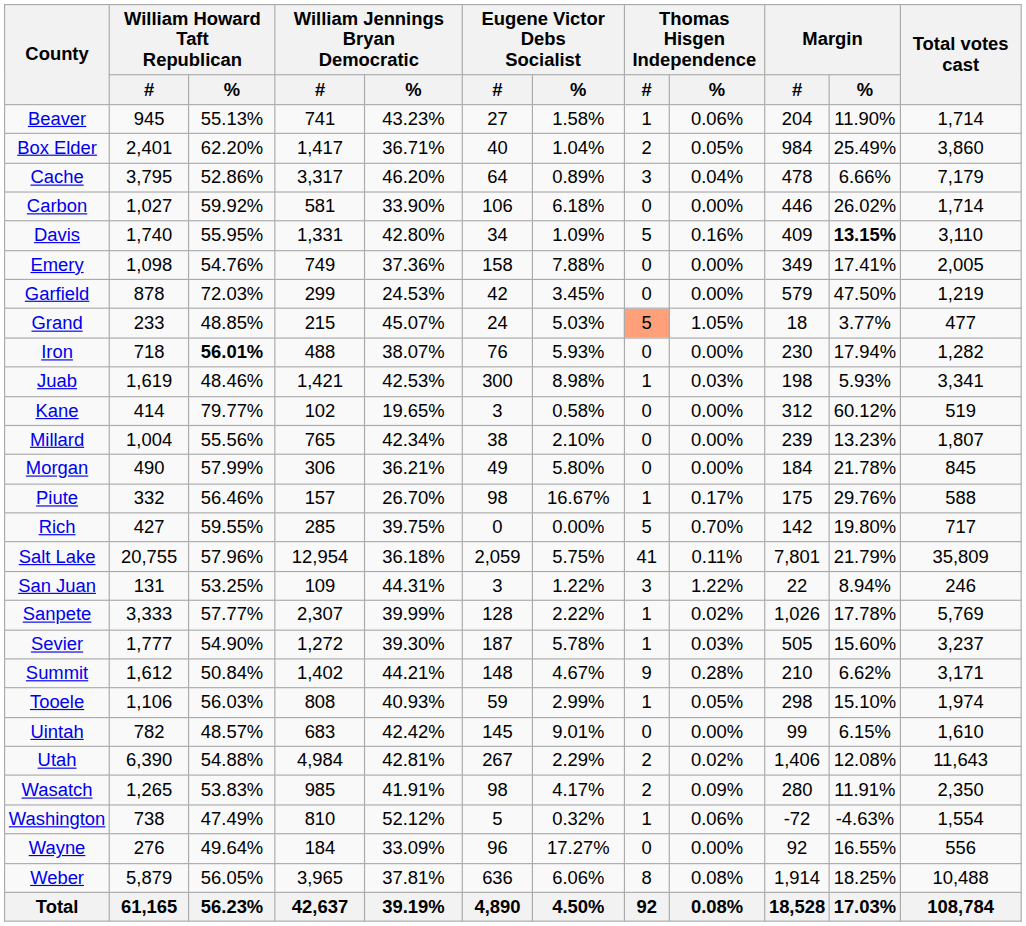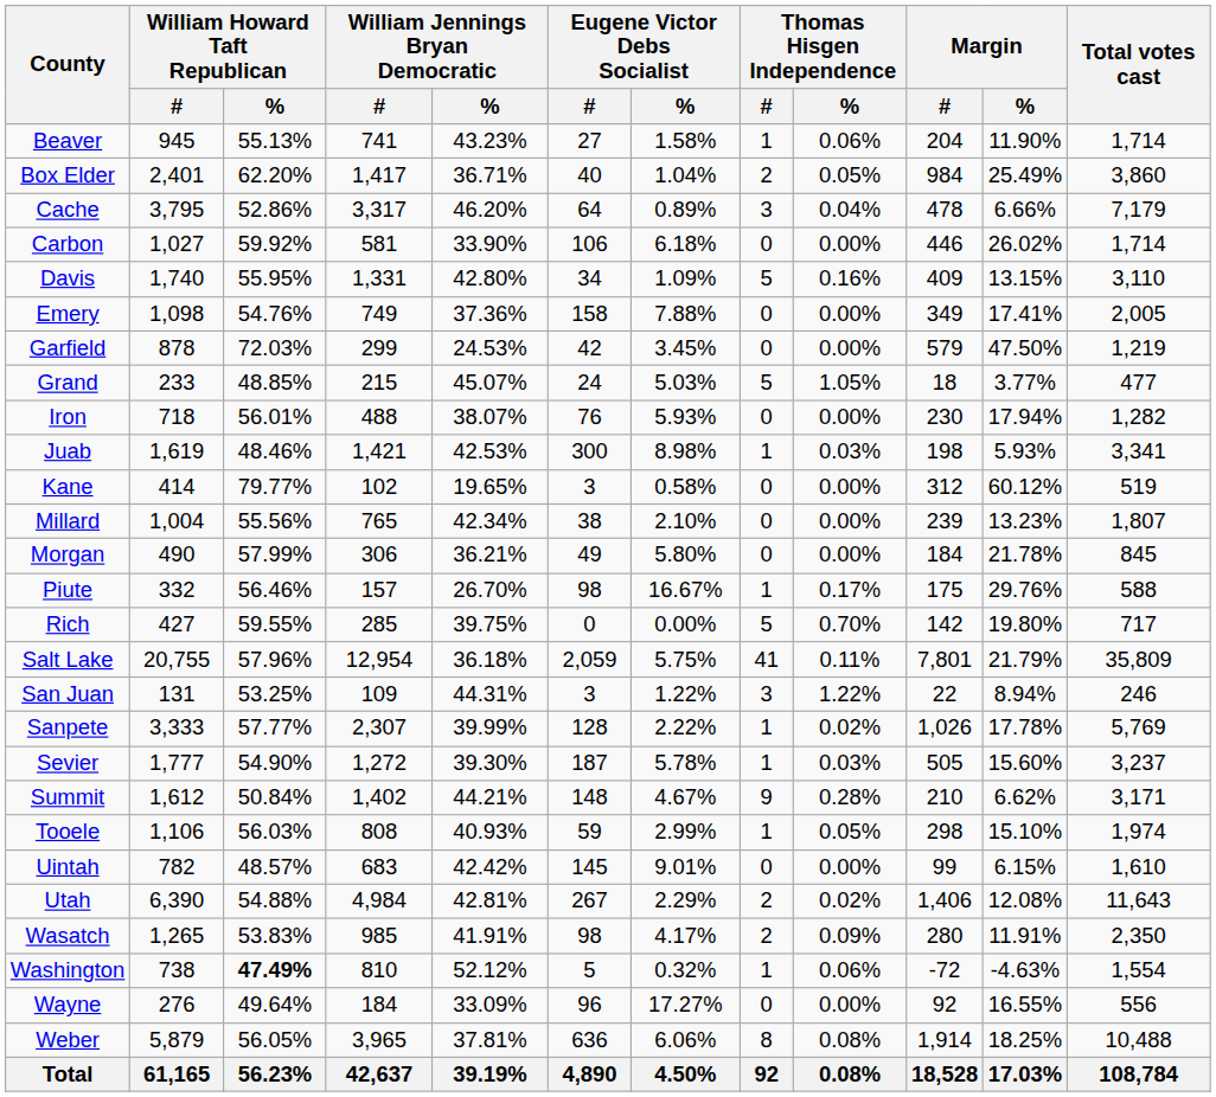 <table width="70%"  class="wikitable sortable" style="text-align:center">
 <tr>
 <th style="text-align:center;" rowspan="2">County</th>
 <th style="text-align:center;" colspan="2">William Howard Taft<br>Republican</th>
 <th style="text-align:center;" colspan="2">William Jennings Bryan<br>Democratic</th>
 <th style="text-align:center;" colspan="2">Eugene Victor Debs<br>Socialist</th>
 <th style="text-align:center;" colspan="2">Thomas Hisgen<br>Independence</th>
 <th style="text-align:center;" colspan="2">Margin</th>
 <th style="text-align:center;" rowspan="2">Total votes cast</th>
 </tr>
 <tr>
 <th style="text-align:center;" data-sort-type="number">#</th>
 <th style="text-align:center;" data-sort-type="number">%</th>
 <th style="text-align:center;" data-sort-type="number">#</th>
 <th style="text-align:center;" data-sort-type="number">%</th>
 <th style="text-align:center;" data-sort-type="number">#</th>
 <th style="text-align:center;" data-sort-type="number">%</th>
 <th style="text-align:center;" data-sort-type="number">#</th>
 <th style="text-align:center;" data-sort-type="number">%</th>
 <th style="text-align:center;" data-sort-type="number">#</th>
 <th style="text-align:center;" data-sort-type="number">%</th>
 </tr>
 <tr style="text-align:center;">
 <td><a href='#'>Beaver</a></td>
 <td>945</td>
 <td>55.13%</td>
 <td>741</td>
 <td>43.23%</td>
 <td>27</td>
 <td>1.58%</td>
 <td>1</td>
 <td>0.06%</td>
 <td>204</td>
 <td>11.90%</td>
 <td>1,714</td>
 </tr>
 <tr style="text-align:center;">
 <td><a href='#'>Box Elder</a></td>
 <td>2,401</td>
 <td>62.20%</td>
 <td>1,417</td>
 <td>36.71%</td>
 <td>40</td>
 <td>1.04%</td>
 <td>2</td>
 <td>0.05%</td>
 <td>984</td>
 <td>25.49%</td>
 <td>3,860</td>
 </tr>
 <tr style="text-align:center;">
 <td><a href='#'>Cache</a></td>
 <td>3,795</td>
 <td>52.86%</td>
 <td>3,317</td>
 <td>46.20%</td>
 <td>64</td>
 <td>0.89%</td>
 <td>3</td>
 <td>0.04%</td>
 <td>478</td>
 <td>6.66%</td>
 <td>7,179</td>
 </tr>
 <tr style="text-align:center;">
 <td><a href='#'>Carbon</a></td>
 <td>1,027</td>
 <td>59.92%</td>
 <td>581</td>
 <td>33.90%</td>
 <td>106</td>
 <td>6.18%</td>
 <td>0</td>
 <td>0.00%</td>
 <td>446</td>
 <td>26.02%</td>
 <td>1,714</td>
 </tr>
 <tr style="text-align:center;">
 <td><a href='#'>Davis</a></td>
 <td>1,740</td>
 <td>55.95%</td>
 <td>1,331</td>
 <td>42.80%</td>
 <td>34</td>
 <td>1.09%</td>
 <td>5</td>
 <td>0.16%</td>
 <td>409</td>
-<td><strong>13.15%</strong></td>
+<td>13.15%</td>
 <td>3,110</td>
 </tr>
 <tr style="text-align:center;">
 <td><a href='#'>Emery</a></td>
 <td>1,098</td>
 <td>54.76%</td>
 <td>749</td>
 <td>37.36%</td>
 <td>158</td>
 <td>7.88%</td>
 <td>0</td>
 <td>0.00%</td>
 <td>349</td>
 <td>17.41%</td>
 <td>2,005</td>
 </tr>
 <tr style="text-align:center;">
 <td><a href='#'>Garfield</a></td>
 <td>878</td>
 <td>72.03%</td>
 <td>299</td>
 <td>24.53%</td>
 <td>42</td>
 <td>3.45%</td>
 <td>0</td>
 <td>0.00%</td>
 <td>579</td>
 <td>47.50%</td>
 <td>1,219</td>
 </tr>
 <tr style="text-align:center;">
 <td><a href='#'>Grand</a></td>
 <td>233</td>
 <td>48.85%</td>
 <td>215</td>
 <td>45.07%</td>
 <td>24</td>
 <td>5.03%</td>
-<td style="background: lightsalmon;">5</td>
+<td>5</td>
 <td>1.05%</td>
 <td>18</td>
 <td>3.77%</td>
 <td>477</td>
 </tr>
 <tr style="text-align:center;">
 <td><a href='#'>Iron</a></td>
 <td>718</td>
-<td><strong>56.01%</strong></td>
+<td>56.01%</td>
 <td>488</td>
 <td>38.07%</td>
 <td>76</td>
 <td>5.93%</td>
 <td>0</td>
 <td>0.00%</td>
 <td>230</td>
 <td>17.94%</td>
 <td>1,282</td>
 </tr>
 <tr style="text-align:center;">
 <td><a href='#'>Juab</a></td>
 <td>1,619</td>
 <td>48.46%</td>
 <td>1,421</td>
 <td>42.53%</td>
 <td>300</td>
 <td>8.98%</td>
 <td>1</td>
 <td>0.03%</td>
 <td>198</td>
 <td>5.93%</td>
 <td>3,341</td>
 </tr>
 <tr style="text-align:center;">
 <td><a href='#'>Kane</a></td>
 <td>414</td>
 <td>79.77%</td>
 <td>102</td>
 <td>19.65%</td>
 <td>3</td>
 <td>0.58%</td>
 <td>0</td>
 <td>0.00%</td>
 <td>312</td>
 <td>60.12%</td>
 <td>519</td>
 </tr>
 <tr style="text-align:center;">
 <td><a href='#'>Millard</a></td>
 <td>1,004</td>
 <td>55.56%</td>
 <td>765</td>
 <td>42.34%</td>
 <td>38</td>
 <td>2.10%</td>
 <td>0</td>
 <td>0.00%</td>
 <td>239</td>
 <td>13.23%</td>
 <td>1,807</td>
 </tr>
 <tr style="text-align:center;">
 <td><a href='#'>Morgan</a></td>
 <td>490</td>
 <td>57.99%</td>
 <td>306</td>
 <td>36.21%</td>
 <td>49</td>
 <td>5.80%</td>
 <td>0</td>
 <td>0.00%</td>
 <td>184</td>
 <td>21.78%</td>
 <td>845</td>
 </tr>
 <tr style="text-align:center;">
 <td><a href='#'>Piute</a></td>
 <td>332</td>
 <td>56.46%</td>
 <td>157</td>
 <td>26.70%</td>
 <td>98</td>
 <td>16.67%</td>
 <td>1</td>
 <td>0.17%</td>
 <td>175</td>
 <td>29.76%</td>
 <td>588</td>
 </tr>
 <tr style="text-align:center;">
 <td><a href='#'>Rich</a></td>
 <td>427</td>
 <td>59.55%</td>
 <td>285</td>
 <td>39.75%</td>
 <td>0</td>
 <td>0.00%</td>
 <td>5</td>
 <td>0.70%</td>
 <td>142</td>
 <td>19.80%</td>
 <td>717</td>
 </tr>
 <tr style="text-align:center;">
 <td><a href='#'>Salt Lake</a></td>
 <td>20,755</td>
 <td>57.96%</td>
 <td>12,954</td>
 <td>36.18%</td>
 <td>2,059</td>
 <td>5.75%</td>
 <td>41</td>
 <td>0.11%</td>
 <td>7,801</td>
 <td>21.79%</td>
 <td>35,809</td>
 </tr>
 <tr style="text-align:center;">
 <td><a href='#'>San Juan</a></td>
 <td>131</td>
 <td>53.25%</td>
 <td>109</td>
 <td>44.31%</td>
 <td>3</td>
 <td>1.22%</td>
 <td>3</td>
 <td>1.22%</td>
 <td>22</td>
 <td>8.94%</td>
 <td>246</td>
 </tr>
 <tr style="text-align:center;">
 <td><a href='#'>Sanpete</a></td>
 <td>3,333</td>
 <td>57.77%</td>
 <td>2,307</td>
 <td>39.99%</td>
 <td>128</td>
 <td>2.22%</td>
 <td>1</td>
 <td>0.02%</td>
 <td>1,026</td>
 <td>17.78%</td>
 <td>5,769</td>
 </tr>
 <tr style="text-align:center;">
 <td><a href='#'>Sevier</a></td>
 <td>1,777</td>
 <td>54.90%</td>
 <td>1,272</td>
 <td>39.30%</td>
 <td>187</td>
 <td>5.78%</td>
 <td>1</td>
 <td>0.03%</td>
 <td>505</td>
 <td>15.60%</td>
 <td>3,237</td>
 </tr>
 <tr style="text-align:center;">
 <td><a href='#'>Summit</a></td>
 <td>1,612</td>
 <td>50.84%</td>
 <td>1,402</td>
 <td>44.21%</td>
 <td>148</td>
 <td>4.67%</td>
 <td>9</td>
 <td>0.28%</td>
 <td>210</td>
 <td>6.62%</td>
 <td>3,171</td>
 </tr>
 <tr style="text-align:center;">
 <td><a href='#'>Tooele</a></td>
 <td>1,106</td>
 <td>56.03%</td>
 <td>808</td>
 <td>40.93%</td>
 <td>59</td>
 <td>2.99%</td>
 <td>1</td>
 <td>0.05%</td>
 <td>298</td>
 <td>15.10%</td>
 <td>1,974</td>
 </tr>
 <tr style="text-align:center;">
 <td><a href='#'>Uintah</a></td>
 <td>782</td>
 <td>48.57%</td>
 <td>683</td>
 <td>42.42%</td>
 <td>145</td>
 <td>9.01%</td>
 <td>0</td>
 <td>0.00%</td>
 <td>99</td>
 <td>6.15%</td>
 <td>1,610</td>
 </tr>
 <tr style="text-align:center;">
 <td><a href='#'>Utah</a></td>
 <td>6,390</td>
 <td>54.88%</td>
 <td>4,984</td>
 <td>42.81%</td>
 <td>267</td>
 <td>2.29%</td>
 <td>2</td>
 <td>0.02%</td>
 <td>1,406</td>
 <td>12.08%</td>
 <td>11,643</td>
 </tr>
 <tr style="text-align:center;">
 <td><a href='#'>Wasatch</a></td>
 <td>1,265</td>
 <td>53.83%</td>
 <td>985</td>
 <td>41.91%</td>
 <td>98</td>
 <td>4.17%</td>
 <td>2</td>
 <td>0.09%</td>
 <td>280</td>
 <td>11.91%</td>
 <td>2,350</td>
 </tr>
 <tr style="text-align:center;">
 <td><a href='#'>Washington</a></td>
 <td>738</td>
-<td>47.49%</td>
+<td><strong>47.49%</strong></td>
 <td>810</td>
 <td>52.12%</td>
 <td>5</td>
 <td>0.32%</td>
 <td>1</td>
 <td>0.06%</td>
 <td>-72</td>
 <td>-4.63%</td>
 <td>1,554</td>
 </tr>
 <tr style="text-align:center;">
 <td><a href='#'>Wayne</a></td>
 <td>276</td>
 <td>49.64%</td>
 <td>184</td>
 <td>33.09%</td>
 <td>96</td>
 <td>17.27%</td>
 <td>0</td>
 <td>0.00%</td>
 <td>92</td>
 <td>16.55%</td>
 <td>556</td>
 </tr>
 <tr style="text-align:center;">
 <td><a href='#'>Weber</a></td>
 <td>5,879</td>
 <td>56.05%</td>
 <td>3,965</td>
 <td>37.81%</td>
 <td>636</td>
 <td>6.06%</td>
 <td>8</td>
 <td>0.08%</td>
 <td>1,914</td>
 <td>18.25%</td>
 <td>10,488</td>
 </tr>
 <tr style="text-align:center;">
 <th>Total</th>
 <th>61,165</th>
 <th>56.23%</th>
 <th>42,637</th>
 <th>39.19%</th>
 <th>4,890</th>
 <th>4.50%</th>
 <th>92</th>
 <th>0.08%</th>
 <th>18,528</th>
 <th>17.03%</th>
 <th>108,784</th>
 </tr>
 </table>
